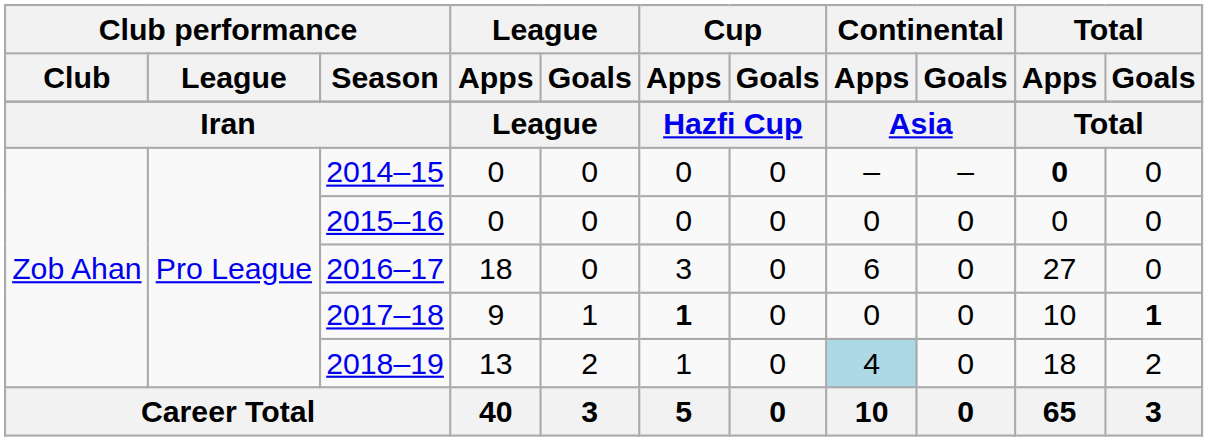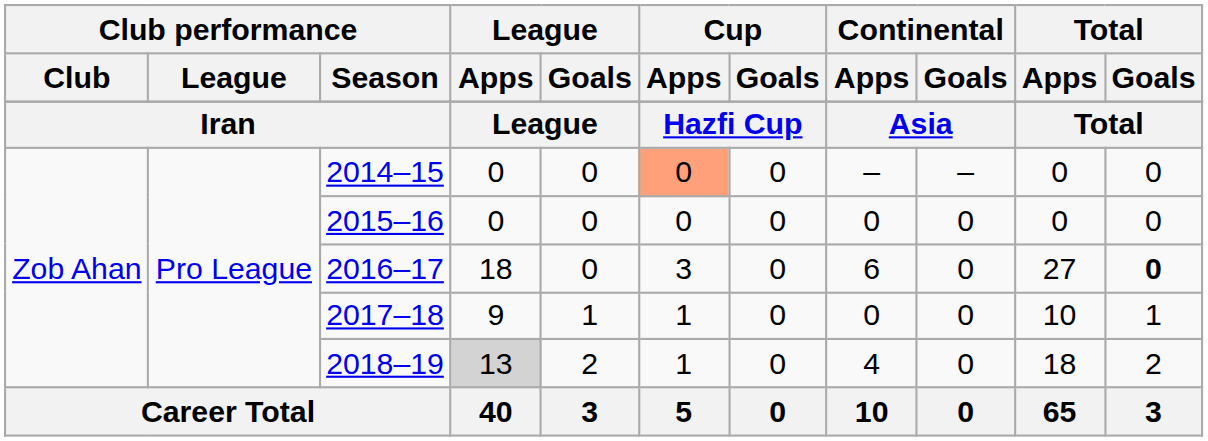 <table class="wikitable" style="font-size:90%; text-align:center;">
 <tr>
 <th colspan=3>Club performance</th>
 <th colspan=2>League</th>
 <th colspan=2>Cup</th>
 <th colspan=2>Continental</th>
 <th colspan=2>Total</th>
 </tr>
 <tr>
 <th>Club</th>
 <th>League</th>
 <th>Season</th>
 <th>Apps</th>
 <th>Goals</th>
 <th>Apps</th>
 <th>Goals</th>
 <th>Apps</th>
 <th>Goals</th>
 <th>Apps</th>
 <th>Goals</th>
 </tr>
 <tr>
 </tr>
 <tr>
 <th colspan=3>Iran</th>
 <th colspan=2>League</th>
 <th colspan=2><a href='#'>Hazfi Cup</a></th>
 <th colspan=2><a href='#'>Asia</a></th>
 <th colspan=2>Total</th>
 </tr>
 <tr>
 <td rowspan="5"><a href='#'>Zob Ahan</a></td>
 <td rowspan="5"><a href='#'>Pro League</a></td>
 <td><a href='#'>2014–15</a></td>
 <td>0</td>
 <td>0</td>
-<td>0</td>
+<td style="background: lightsalmon;">0</td>
 <td>0</td>
 <td>–</td>
 <td>–</td>
-<td><strong>0</strong></td>
+<td>0</td>
 <td>0</td>
 </tr>
 <tr>
 <td><a href='#'>2015–16</a></td>
 <td>0</td>
 <td>0</td>
 <td>0</td>
 <td>0</td>
 <td>0</td>
 <td>0</td>
 <td>0</td>
 <td>0</td>
 </tr>
 <tr>
 <td><a href='#'>2016–17</a></td>
 <td>18</td>
 <td>0</td>
 <td>3</td>
 <td>0</td>
 <td>6</td>
 <td>0</td>
 <td>27</td>
-<td>0</td>
+<td><strong>0</strong></td>
 </tr>
 <tr>
 <td><a href='#'>2017–18</a></td>
 <td>9</td>
 <td>1</td>
-<td><strong>1</strong></td>
+<td>1</td>
 <td>0</td>
 <td>0</td>
 <td>0</td>
 <td>10</td>
-<td><strong>1</strong></td>
+<td>1</td>
 </tr>
 <tr>
 <td><a href='#'>2018–19</a></td>
-<td>13</td>
+<td style="background: lightgrey;">13</td>
 <td>2</td>
 <td>1</td>
 <td>0</td>
-<td style="background: lightblue;">4</td>
+<td>4</td>
 <td>0</td>
 <td>18</td>
 <td>2</td>
 </tr>
 <tr>
 <th colspan=3>Career Total</th>
 <th>40</th>
 <th>3</th>
 <th>5</th>
 <th>0</th>
 <th>10</th>
 <th>0</th>
 <th>65</th>
 <th>3</th>
 </tr>
 </table>
